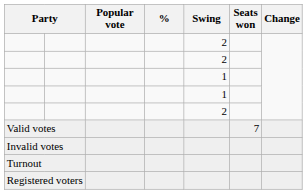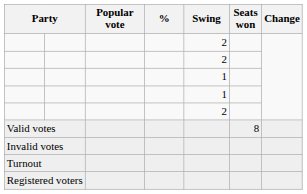 <table class=wikitable style="text-align:right">
 <tr>
 <th colspan=2>Party</th>
 <th width=80px>Popular vote</th>
 <th width=50px>%</th>
 <th width=60px>Swing</th>
 <th width=40px>Seats<br>won</th>
 <th width=45px>Change</th>
 </tr>
 <tr>
 <td></td>
 <td></td>
 <td></td>
 <td></td>
 <td>2</td>
 <td></td>
 </tr>
 <tr>
 <td></td>
 <td></td>
 <td></td>
 <td></td>
 <td>2</td>
 <td></td>
 </tr>
 <tr>
 <td></td>
 <td></td>
 <td></td>
 <td></td>
 <td>1</td>
 <td></td>
 </tr>
 <tr>
 <td></td>
 <td></td>
 <td></td>
 <td></td>
 <td>1</td>
 <td></td>
 </tr>
 <tr>
 <td></td>
 <td></td>
 <td></td>
 <td></td>
 <td>2</td>
 <td></td>
 </tr>
 <tr bgcolor=#efefef>
 <td align=left colspan=2>Valid votes</td>
 <td></td>
 <td></td>
 <td></td>
-<td>7</td>
+<td>8</td>
 <td></td>
 </tr>
 <tr bgcolor=#efefef>
 <td align=left colspan=2>Invalid votes</td>
 <td></td>
 <td></td>
 <td></td>
 <td></td>
 <td></td>
 </tr>
 <tr bgcolor=#efefef>
 <td align=left colspan=2>Turnout</td>
 <td></td>
 <td></td>
 <td></td>
 <td></td>
 <td></td>
 </tr>
 <tr bgcolor=#efefef>
 <td align=left colspan=2>Registered voters</td>
 <td></td>
 <td></td>
 <td></td>
 <td></td>
 <td></td>
 </tr>
 </table>
